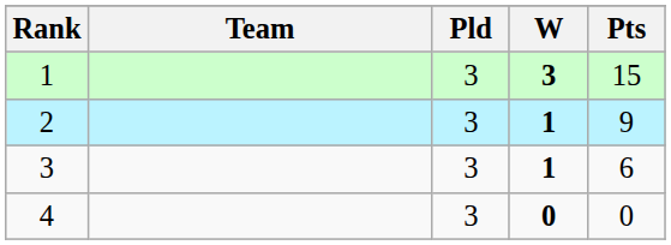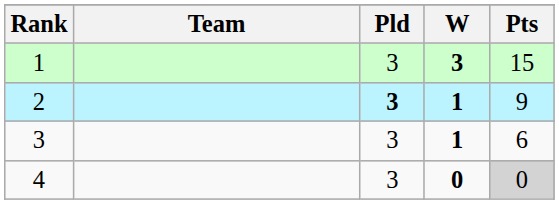 <table class="wikitable">
 <tr>
 </tr>
 <tr>
 <th style="width:35px">Rank</th>
 <th style="width:180px">Team</th>
 <th style="width:35px">Pld</th>
 <th style="width:35px">W</th>
 <th style="width:35px">Pts</th>
 </tr>
 <tr bgcolor=#ccffcc>
 <td align=center>1</td>
 <td></td>
 <td align=center>3</td>
 <td align=center><strong>3</strong></td>
 <td align=center>15</td>
 </tr>
 <tr bgcolor=#BBF3FF>
 <td align=center>2</td>
 <td></td>
-<td align=center>3</td>
+<td align=center><strong>3</strong></td>
 <td align=center><strong>1</strong></td>
 <td align=center>9</td>
 </tr>
 <tr>
 <td align=center>3</td>
 <td></td>
 <td align=center>3</td>
 <td align=center><strong>1</strong></td>
 <td align=center>6</td>
 </tr>
 <tr>
 <td align=center>4</td>
 <td></td>
 <td align=center>3</td>
 <td align=center><strong>0</strong></td>
-<td align=center>0</td>
+<td align=center style="background: lightgrey;">0</td>
 </tr>
 </table>
